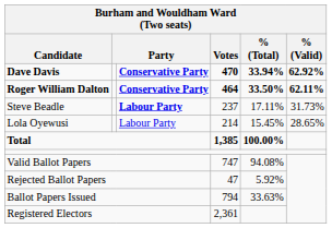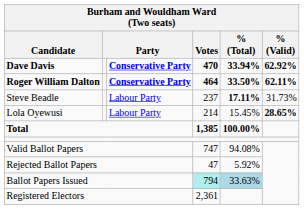 <table class="wikitable" border="1" style="text-align:right; font-size:100%">
 <tr>
 <th align=center colspan=6>Burham and Wouldham Ward<br>(Two seats)</th>
 </tr>
 <tr>
 <th valign=bottom>Candidate</th>
 <th valign=bottom colspan=2>Party</th>
 <th valign=bottom>Votes</th>
 <th>%<br>(Total)</th>
 <th>%<br>(Valid)</th>
 </tr>
 <tr>
 <td align=left><strong>Dave Davis</strong></td>
 <td style="background:"></td>
 <td align=left><strong><a href='#'>Conservative Party</a></strong></td>
 <td><strong>470</strong></td>
 <td><strong>33.94%</strong></td>
 <td><strong>62.92%</strong></td>
 </tr>
 <tr>
 <td align=left><strong>Roger William Dalton</strong></td>
 <td style="background:"></td>
 <td align=left><strong><a href='#'>Conservative Party</a></strong></td>
 <td><strong>464</strong></td>
 <td><strong>33.50%</strong></td>
 <td><strong>62.11%</strong></td>
 </tr>
 <tr>
 <td align=left>Steve Beadle</td>
 <td style="background:"></td>
-<td align=left><strong><a href='#'>Labour Party</a></strong></td>
+<td align=left><a href='#'>Labour Party</a></td>
 <td>237</td>
-<td>17.11%</td>
+<td><strong>17.11%</strong></td>
 <td>31.73%</td>
 </tr>
 <tr>
 <td align=left>Lola Oyewusi</td>
 <td style="background:"></td>
 <td align=left><a href='#'>Labour Party</a></td>
 <td>214</td>
 <td>15.45%</td>
-<td>28.65%</td>
+<td><strong>28.65%</strong></td>
 </tr>
 <tr style="font-weight:bold">
 <td align=left colspan=3>Total</td>
 <td>1,385</td>
 <td>100.00%</td>
 <td></td>
 </tr>
 <tr>
 <td align=left colspan=6></td>
 </tr>
 <tr>
 <td align=left colspan=3>Valid Ballot Papers</td>
 <td>747</td>
 <td>94.08%</td>
 <td rowspan=4></td>
 </tr>
 <tr>
 <td align=left colspan=3>Rejected Ballot Papers</td>
 <td>47</td>
 <td>5.92%</td>
 </tr>
 <tr>
 <td align=left colspan=3>Ballot Papers Issued</td>
-<td>794</td>
-<td>33.63%</td>
+<td style="background: paleturquoise;">794</td>
+<td style="background: lightblue;">33.63%</td>
 </tr>
 <tr>
 <td align=left colspan=3>Registered Electors</td>
 <td>2,361</td>
 <td></td>
 </tr>
 </table>
